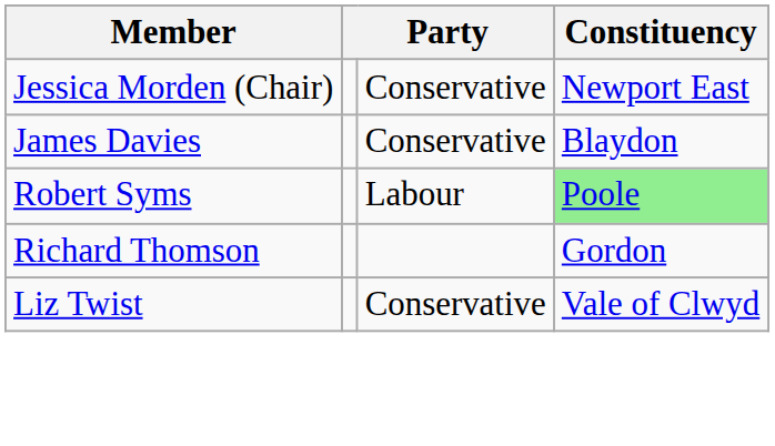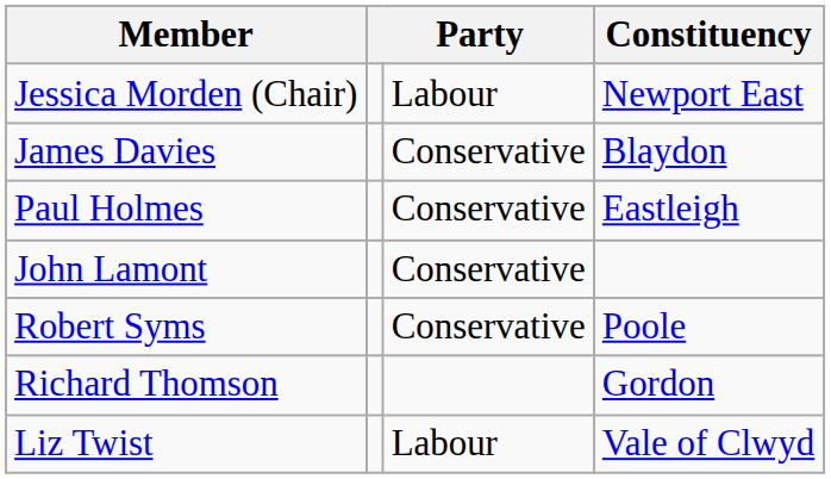 <table class="wikitable">
 <tr>
 <th valign="top">Member</th>
 <th colspan="2" valign="top">Party</th>
 <th valign="top">Constituency</th>
 </tr>
 <tr>
 <td><a href='#'>Jessica Morden</a> (Chair)</td>
 <td style="color:inherit;background:"></td>
-<td>Conservative</td>
+<td>Labour</td>
 <td><a href='#'>Newport East</a></td>
 </tr>
 <tr>
 <td><a href='#'>James Davies</a></td>
 <td style="color:inherit;background:"></td>
 <td>Conservative</td>
 <td><a href='#'>Blaydon</a></td>
 </tr>
 <tr>
+<td><a href='#'>Paul Holmes</a></td>
+<td style="color:inherit;background:"></td>
+<td>Conservative</td>
+<td><a href='#'>Eastleigh</a></td>
+</tr>
+<tr>
+<td><a href='#'>John Lamont</a></td>
+<td style="color:inherit;background:"></td>
+<td>Conservative</td>
+<td><a href='#'></a></td>
+</tr>
+<tr>
 <td><a href='#'>Robert Syms</a></td>
 <td style="color:inherit;background:"></td>
-<td>Labour</td>
-<td style="background: lightgreen;"><a href='#'>Poole</a></td>
+<td>Conservative</td>
+<td><a href='#'>Poole</a></td>
 </tr>
 <tr>
 <td><a href='#'>Richard Thomson</a></td>
 <td style="color:inherit;background:"></td>
 <td></td>
 <td><a href='#'>Gordon</a></td>
 </tr>
 <tr>
 <td><a href='#'>Liz Twist</a></td>
 <td style="color:inherit;background:"></td>
-<td>Conservative</td>
+<td>Labour</td>
 <td><a href='#'>Vale of Clwyd</a></td>
 </tr>
 </table>
